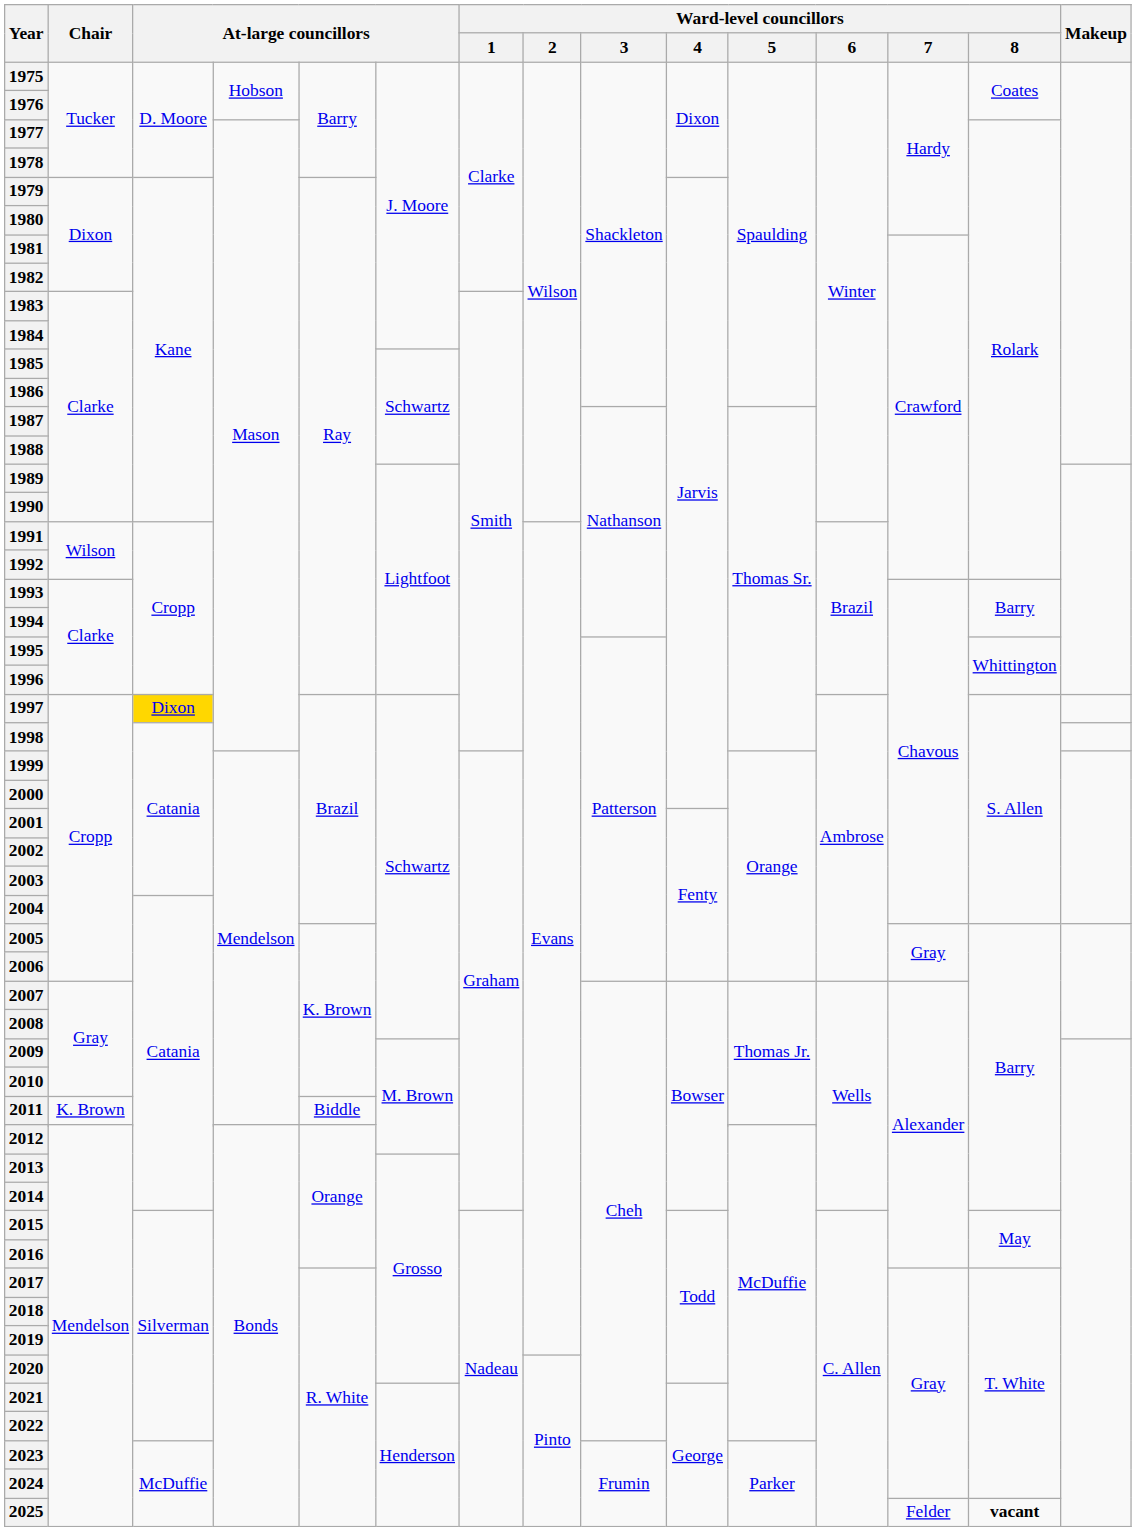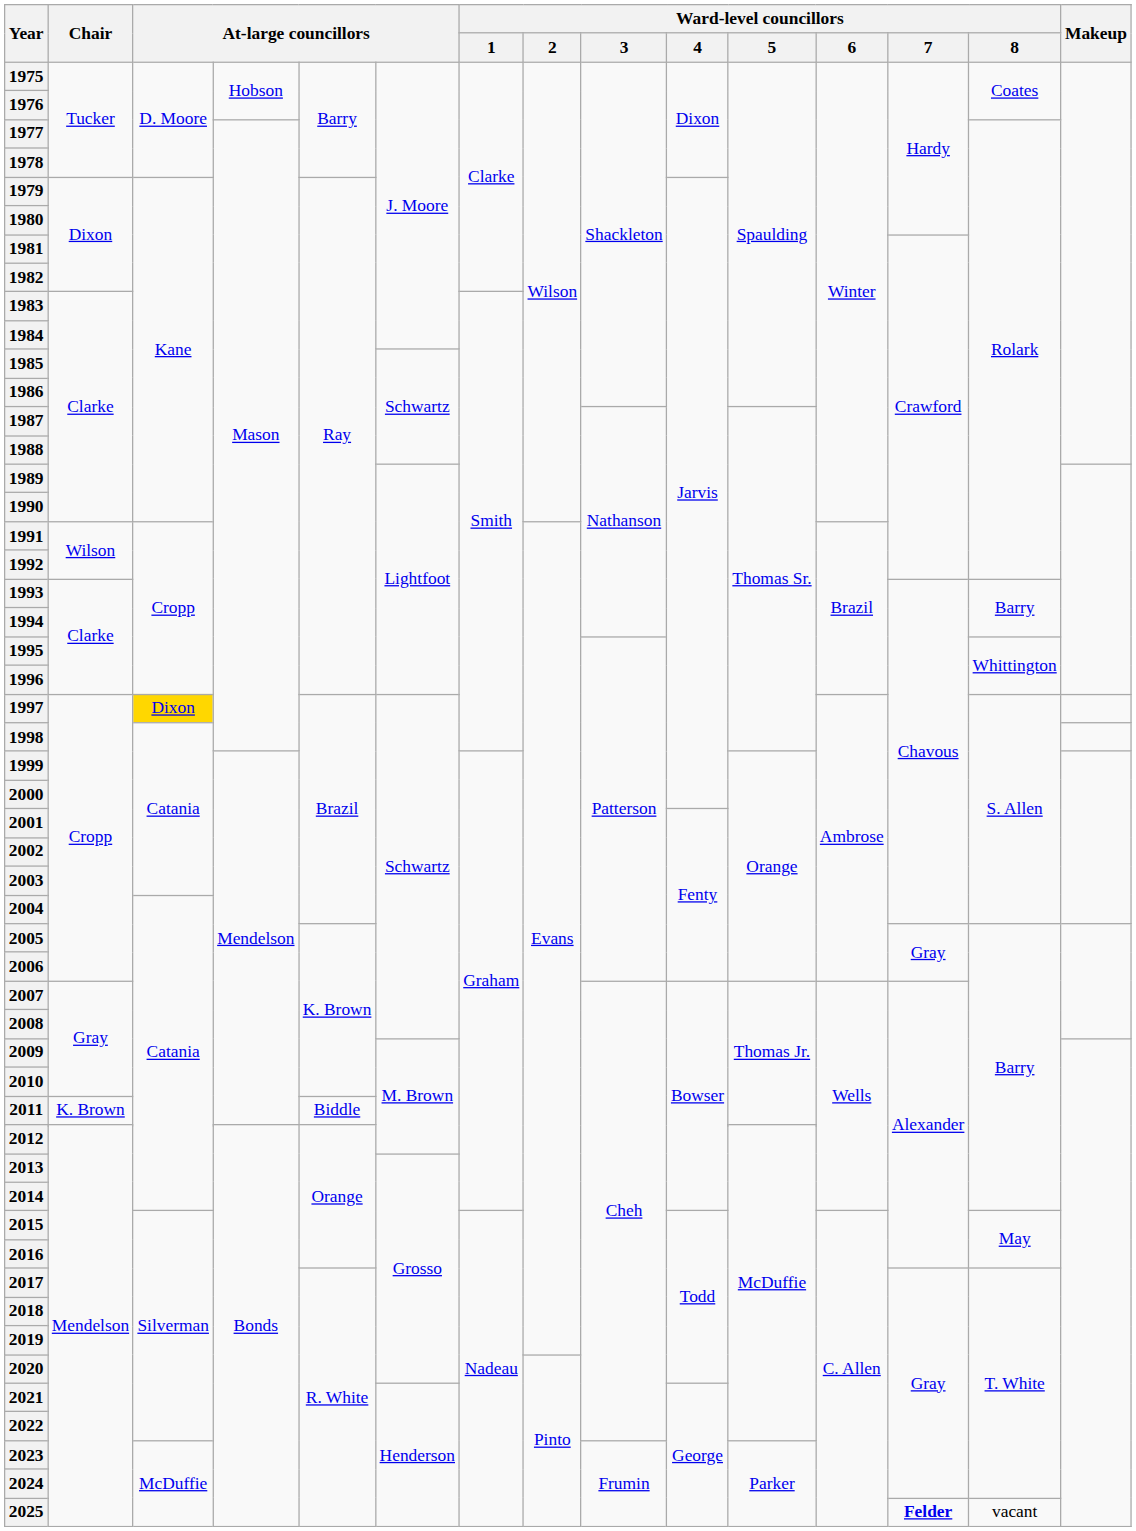 <table class="wikitable plainrowheaders sortable sticky-header-multi" style="text-align:center;font-size:85%">
 <tr>
 <th scope="col" rowspan="2" class="unsortable">Year</th>
 <th scope="col" rowspan="2" class="unsortable">Chair</th>
 <th colspan="4" rowspan="2" class="unsortable">At-large councillors</th>
 <th scope="col" colspan="8" class="unsortable">Ward-level councillors</th>
 <th scope="col" rowspan="2" class="unsortable">Makeup</th>
 </tr>
 <tr>
 <th scope="col" class="unsortable">1</th>
 <th scope="col" class="unsortable">2</th>
 <th scope="col" class="unsortable">3</th>
 <th scope="col" class="unsortable">4</th>
 <th scope="col" class="unsortable">5</th>
 <th scope="col" class="unsortable">6</th>
 <th scope="col" class="unsortable">7</th>
 <th scope="col" class="unsortable">8</th>
 </tr>
 <tr>
 <th scope="row">1975</th>
 <td rowspan="4" ><a href='#'>Tucker</a></td>
 <td rowspan="4" ><a href='#'>D. Moore</a></td>
 <td rowspan="2" ><a href='#'>Hobson</a></td>
 <td rowspan="4" ><a href='#'>Barry</a></td>
 <td rowspan="10" ><a href='#'>J. Moore</a></td>
 <td rowspan="8" ><a href='#'>Clarke</a></td>
 <td rowspan="16" ><a href='#'>Wilson</a></td>
 <td rowspan="12" ><a href='#'>Shackleton</a></td>
 <td rowspan="4" ><a href='#'>Dixon</a></td>
 <td rowspan="12" ><a href='#'>Spaulding</a></td>
 <td rowspan="16" ><a href='#'>Winter</a></td>
 <td rowspan="6" ><a href='#'>Hardy</a></td>
 <td rowspan="2" ><a href='#'>Coates</a></td>
 <td rowspan=14></td>
 </tr>
 <tr>
 <th scope="row">1976</th>
 </tr>
 <tr>
 <th scope="row">1977</th>
 <td rowspan="22" ><a href='#'>Mason</a></td>
 <td rowspan="16" ><a href='#'>Rolark</a></td>
 </tr>
 <tr>
 <th scope="row">1978</th>
 </tr>
 <tr>
 <th scope="row">1979</th>
 <td rowspan="4" ><a href='#'>Dixon</a></td>
 <td rowspan="12" ><a href='#'>Kane</a></td>
 <td rowspan="18" ><a href='#'>Ray</a></td>
 <td rowspan="22" ><a href='#'>Jarvis</a></td>
 </tr>
 <tr>
 <th scope="row">1980</th>
 </tr>
 <tr>
 <th scope="row">1981</th>
 <td rowspan="12" ><a href='#'>Crawford</a></td>
 </tr>
 <tr>
 <th scope="row">1982</th>
 </tr>
 <tr>
 <th scope="row">1983</th>
 <td rowspan="8" ><a href='#'>Clarke</a></td>
 <td rowspan="16" ><a href='#'>Smith</a></td>
 </tr>
 <tr>
 <th scope="row">1984</th>
 </tr>
 <tr>
 <th scope="row">1985</th>
 <td rowspan="4" ><a href='#'>Schwartz</a></td>
 </tr>
 <tr>
 <th scope="row">1986</th>
 </tr>
 <tr>
 <th scope="row">1987</th>
 <td rowspan="8" ><a href='#'>Nathanson</a></td>
 <td rowspan="12" ><a href='#'>Thomas Sr.</a></td>
 </tr>
 <tr>
 <th scope="row">1988</th>
 </tr>
 <tr>
 <th scope="row">1989</th>
 <td rowspan="8" ><a href='#'>Lightfoot</a></td>
 <td rowspan=8></td>
 </tr>
 <tr>
 <th scope="row">1990</th>
 </tr>
 <tr>
 <th scope="row">1991</th>
 <td rowspan="2" ><a href='#'>Wilson</a></td>
 <td rowspan="6" ><a href='#'>Cropp</a></td>
 <td rowspan="30" ><a href='#'>Evans</a></td>
 <td rowspan="6" ><a href='#'>Brazil</a></td>
 </tr>
 <tr>
 <th scope="row">1992</th>
 </tr>
 <tr>
 <th scope="row">1993</th>
 <td rowspan="4" ><a href='#'>Clarke</a></td>
 <td rowspan="12" ><a href='#'>Chavous</a></td>
 <td rowspan="2" ><a href='#'>Barry</a></td>
 </tr>
 <tr>
 <th scope="row">1994</th>
 </tr>
 <tr>
 <th scope="row">1995</th>
 <td rowspan="12" ><a href='#'>Patterson</a></td>
 <td rowspan="2" ><a href='#'>Whittington</a></td>
 </tr>
 <tr>
 <th scope="row">1996</th>
 </tr>
 <tr>
 <th scope="row">1997</th>
 <td rowspan="10" ><a href='#'>Cropp</a></td>
 <td style="background: gold;"><a href='#'>Dixon</a></td>
 <td rowspan="8" ><a href='#'>Brazil</a></td>
 <td rowspan="12" ><a href='#'>Schwartz</a></td>
 <td rowspan="10" ><a href='#'>Ambrose</a></td>
 <td rowspan="8" ><a href='#'>S. Allen</a></td>
 <td></td>
 </tr>
 <tr>
 <th scope="row">1998</th>
 <td rowspan="6" ><a href='#'>Catania</a></td>
 <td></td>
 </tr>
 <tr>
 <th scope="row">1999</th>
 <td rowspan="14" ><a href='#'>Mendelson</a></td>
 <td rowspan="17" ><a href='#'>Graham</a></td>
 <td rowspan="8" ><a href='#'>Orange</a></td>
 <td rowspan=6></td>
 </tr>
 <tr>
 <th scope="row">2000</th>
 </tr>
 <tr>
 <th scope="row">2001</th>
 <td rowspan="6" ><a href='#'>Fenty</a></td>
 </tr>
 <tr>
 <th scope="row">2002</th>
 </tr>
 <tr>
 <th scope="row">2003</th>
 </tr>
 <tr>
 <th scope="row">2004</th>
 <td rowspan="12" ><a href='#'>Catania</a></td>
 </tr>
 <tr>
 <th scope="row">2005</th>
 <td rowspan="6" ><a href='#'>K. Brown</a></td>
 <td rowspan="2" ><a href='#'>Gray</a></td>
 <td rowspan="11" ><a href='#'>Barry</a></td>
 <td rowspan=4></td>
 </tr>
 <tr>
 <th scope="row">2006</th>
 </tr>
 <tr>
 <th scope="row">2007</th>
 <td rowspan="4" ><a href='#'>Gray</a></td>
 <td rowspan="17" ><a href='#'>Cheh</a></td>
 <td rowspan="9" ><a href='#'>Bowser</a></td>
 <td rowspan="6" ><a href='#'>Thomas Jr.</a></td>
 <td rowspan="9" ><a href='#'>Wells</a></td>
 <td rowspan="11" ><a href='#'>Alexander</a></td>
 </tr>
 <tr>
 <th scope="row">2008</th>
 </tr>
 <tr>
 <th scope="row">2009</th>
 <td rowspan="5" ><a href='#'>M. Brown</a></td>
 <td rowspan="113"></td>
 </tr>
 <tr>
 <th scope="row">2010</th>
 </tr>
 <tr>
 <th scope="row" rowspan="2">2011</th>
 <td rowspan="2" ><a href='#'>K. Brown</a></td>
 <td rowspan="1" ><a href='#'>Biddle</a></td>
 </tr>
 <tr>
 <td rowspan="6" ><a href='#'>Orange</a></td>
 </tr>
 <tr>
 <th scope="row">2012</th>
 <td rowspan="14" ><a href='#'>Mendelson</a></td>
 <td rowspan="14" ><a href='#'>Bonds</a></td>
 <td rowspan="11" ><a href='#'>McDuffie</a></td>
 </tr>
 <tr>
 <th scope="row">2013</th>
 <td rowspan="8" ><a href='#'>Grosso</a></td>
 </tr>
 <tr>
 <th scope="row">2014</th>
 </tr>
 <tr>
 <th scope="row">2015</th>
 <td rowspan="8" ><a href='#'>Silverman</a></td>
 <td rowspan="11" ><a href='#'>Nadeau</a></td>
 <td rowspan="6" ><a href='#'>Todd</a></td>
 <td rowspan="11" ><a href='#'>C. Allen</a></td>
 <td rowspan="2" ><a href='#'>May</a></td>
 </tr>
 <tr>
 <th scope="row">2016</th>
 </tr>
 <tr>
 <th scope="row">2017</th>
 <td rowspan="9" ><a href='#'>R. White</a></td>
 <td rowspan="8" ><a href='#'>Gray</a></td>
 <td rowspan="8" ><a href='#'>T. White</a></td>
 </tr>
 <tr>
 <th scope="row">2018</th>
 </tr>
 <tr>
 <th scope="row">2019</th>
 </tr>
 <tr>
 <th scope="row">2020</th>
 <td rowspan="6" ><a href='#'>Pinto</a></td>
 </tr>
 <tr>
 <th scope="row">2021</th>
 <td rowspan="5" ><a href='#'>Henderson</a></td>
 <td rowspan="5" ><a href='#'>George</a></td>
 </tr>
 <tr>
 <th scope="row">2022</th>
 </tr>
 <tr>
 <th scope="row">2023</th>
 <td rowspan="3" ><a href='#'>McDuffie</a></td>
 <td rowspan="3" ><a href='#'>Frumin</a></td>
 <td rowspan="3" ><a href='#'>Parker</a></td>
 </tr>
 <tr>
 <th scope="row">2024</th>
 </tr>
 <tr>
 <th scope="row">2025</th>
-<td rowspan="1" ><a href='#'>Felder</a></td>
-<td><strong>vacant</strong></td>
+<td rowspan="1" ><strong><a href='#'>Felder</a></strong></td>
+<td>vacant</td>
 </tr>
 </table>
